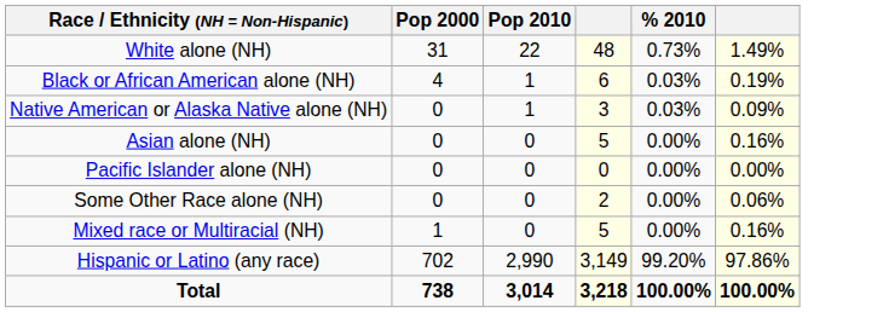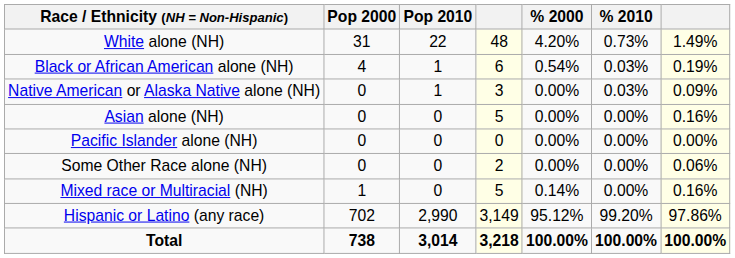 <table class="wikitable" style="text-align:center;">
 <tr>
 <th>Race / Ethnicity <small>(<em>NH = Non-Hispanic</em>)</small></th>
 <th>Pop 2000</th>
 <th>Pop 2010</th>
 <th></th>
+<th>% 2000</th>
 <th>% 2010</th>
 <th></th>
 </tr>
 <tr>
 <td><a href='#'>White</a> alone (NH)</td>
 <td>31</td>
 <td>22</td>
 <td style='background: #ffffe6;'>48</td>
+<td>4.20%</td>
 <td>0.73%</td>
 <td style='background: #ffffe6;'>1.49%</td>
 </tr>
 <tr>
 <td><a href='#'>Black or African American</a> alone (NH)</td>
 <td>4</td>
 <td>1</td>
 <td style='background: #ffffe6;'>6</td>
+<td>0.54%</td>
 <td>0.03%</td>
 <td style='background: #ffffe6;'>0.19%</td>
 </tr>
 <tr>
 <td><a href='#'>Native American</a> or <a href='#'>Alaska Native</a> alone (NH)</td>
 <td>0</td>
 <td>1</td>
 <td style='background: #ffffe6;'>3</td>
+<td>0.00%</td>
 <td>0.03%</td>
 <td style='background: #ffffe6;'>0.09%</td>
 </tr>
 <tr>
 <td><a href='#'>Asian</a> alone (NH)</td>
 <td>0</td>
 <td>0</td>
 <td style='background: #ffffe6;'>5</td>
 <td>0.00%</td>
+<td>0.00%</td>
 <td style='background: #ffffe6;'>0.16%</td>
 </tr>
 <tr>
 <td><a href='#'>Pacific Islander</a> alone (NH)</td>
 <td>0</td>
 <td>0</td>
 <td style='background: #ffffe6;'>0</td>
+<td>0.00%</td>
 <td>0.00%</td>
 <td style='background: #ffffe6;'>0.00%</td>
 </tr>
 <tr>
 <td>Some Other Race alone (NH)</td>
 <td>0</td>
 <td>0</td>
 <td style='background: #ffffe6;'>2</td>
 <td>0.00%</td>
+<td>0.00%</td>
 <td style='background: #ffffe6;'>0.06%</td>
 </tr>
 <tr>
 <td><a href='#'>Mixed race or Multiracial</a> (NH)</td>
 <td>1</td>
 <td>0</td>
 <td style='background: #ffffe6;'>5</td>
+<td>0.14%</td>
 <td>0.00%</td>
 <td style='background: #ffffe6;'>0.16%</td>
 </tr>
 <tr>
 <td><a href='#'>Hispanic or Latino</a> (any race)</td>
 <td>702</td>
 <td>2,990</td>
 <td style='background: #ffffe6;'>3,149</td>
+<td>95.12%</td>
 <td>99.20%</td>
 <td style='background: #ffffe6;'>97.86%</td>
 </tr>
 <tr>
 <td><strong>Total</strong></td>
 <td><strong>738</strong></td>
 <td><strong>3,014</strong></td>
 <td style='background: #ffffe6;'><strong>3,218</strong></td>
 <td><strong>100.00%</strong></td>
+<td><strong>100.00%</strong></td>
 <td style='background: #ffffe6;'><strong>100.00%</strong></td>
 </tr>
 </table>
